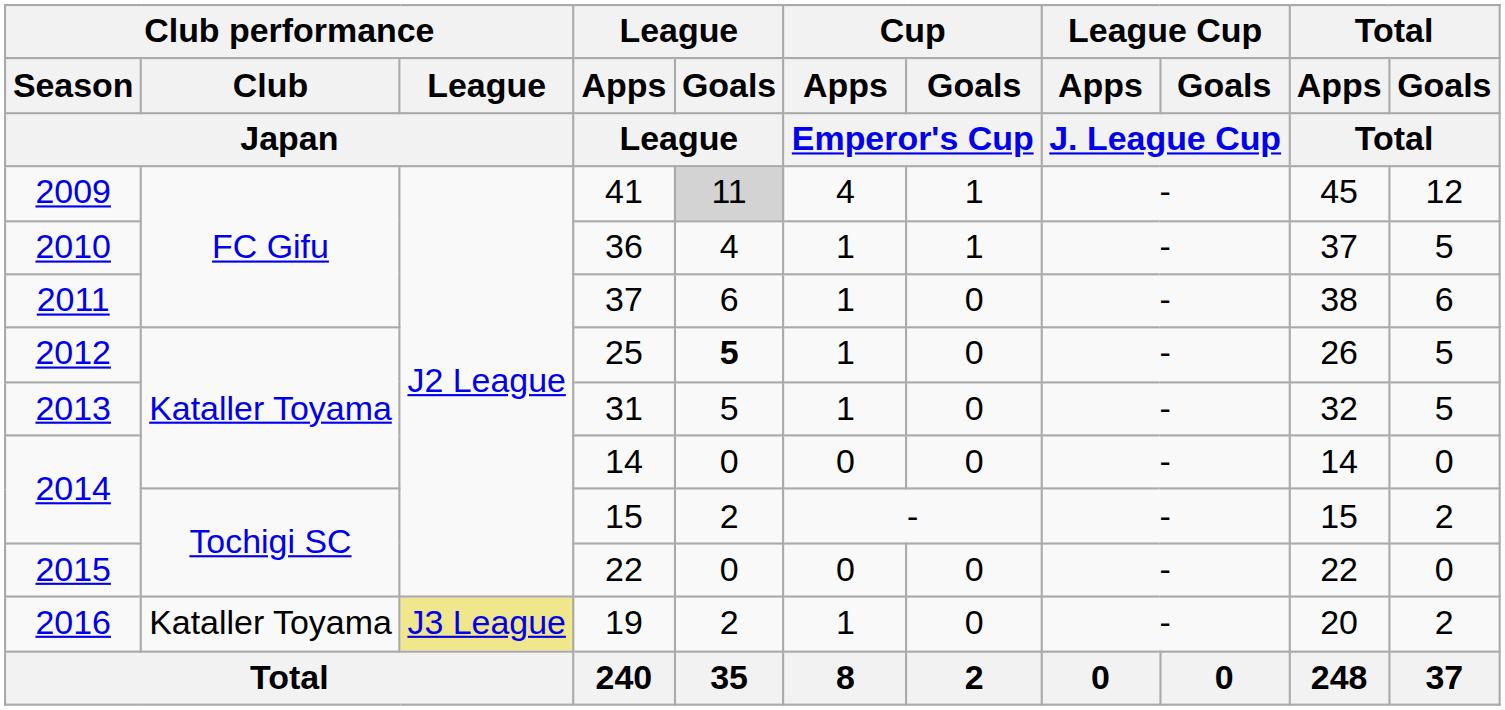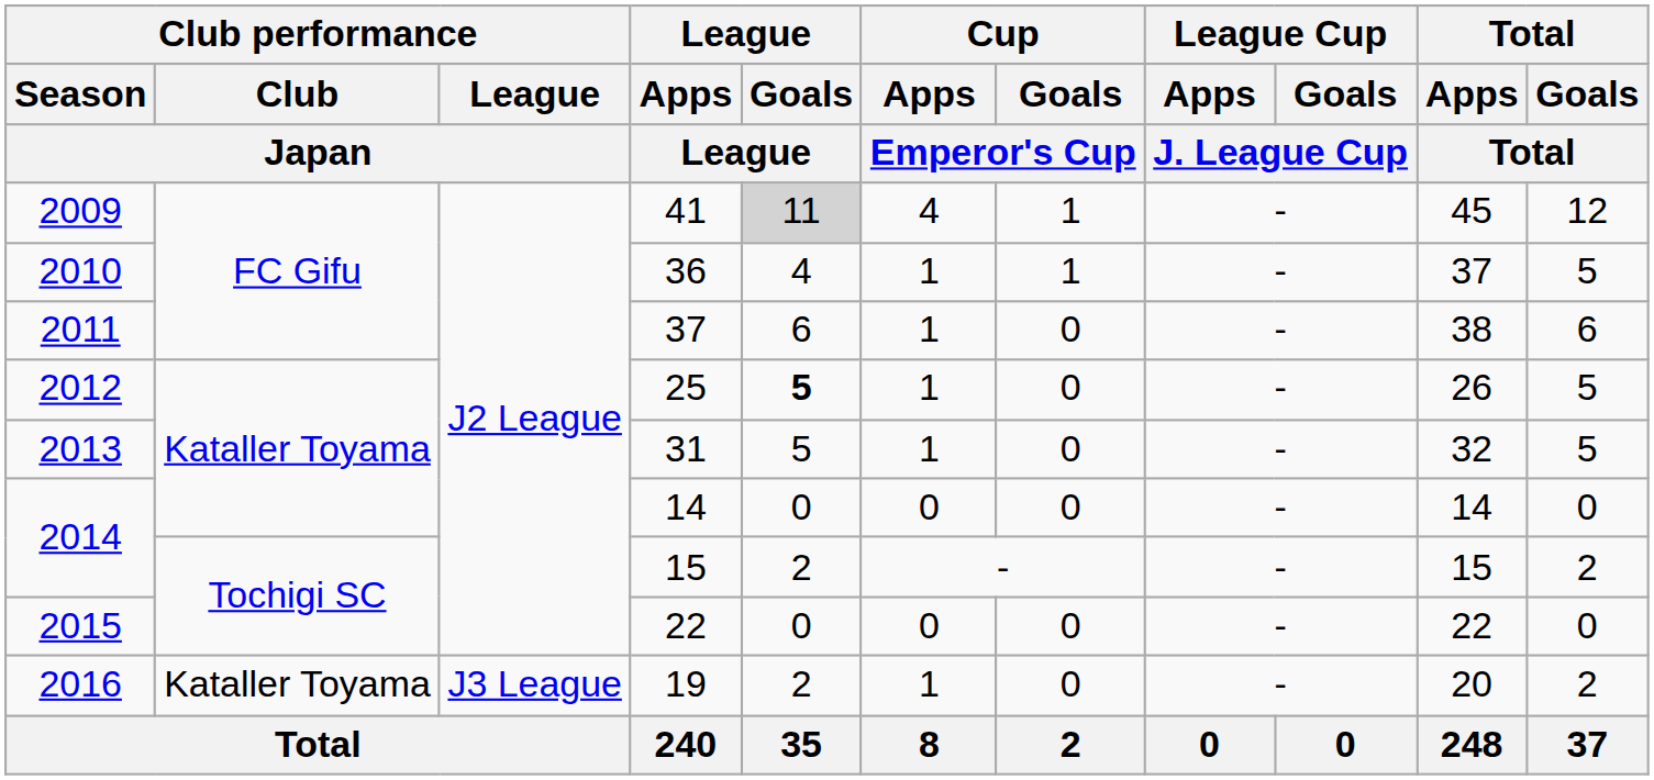 <table class="wikitable" style="text-align:center;">
 <tr>
 <th colspan=3>Club performance</th>
 <th colspan=2>League</th>
 <th colspan=2>Cup</th>
 <th colspan=2>League Cup</th>
 <th colspan=2>Total</th>
 </tr>
 <tr>
 <th>Season</th>
 <th>Club</th>
 <th>League</th>
 <th>Apps</th>
 <th>Goals</th>
 <th>Apps</th>
 <th>Goals</th>
 <th>Apps</th>
 <th>Goals</th>
 <th>Apps</th>
 <th>Goals</th>
 </tr>
 <tr>
 <th colspan=3>Japan</th>
 <th colspan=2>League</th>
 <th colspan=2><a href='#'>Emperor's Cup</a></th>
 <th colspan=2><a href='#'>J. League Cup</a></th>
 <th colspan=2>Total</th>
 </tr>
 <tr>
 <td><a href='#'>2009</a></td>
 <td rowspan="3"><a href='#'>FC Gifu</a></td>
 <td rowspan="8"><a href='#'>J2 League</a></td>
 <td>41</td>
 <td style="background: lightgrey;">11</td>
 <td>4</td>
 <td>1</td>
 <td colspan="2">-</td>
 <td>45</td>
 <td>12</td>
 </tr>
 <tr>
 <td><a href='#'>2010</a></td>
 <td>36</td>
 <td>4</td>
 <td>1</td>
 <td>1</td>
 <td colspan="2">-</td>
 <td>37</td>
 <td>5</td>
 </tr>
 <tr>
 <td><a href='#'>2011</a></td>
 <td>37</td>
 <td>6</td>
 <td>1</td>
 <td>0</td>
 <td colspan="2">-</td>
 <td>38</td>
 <td>6</td>
 </tr>
 <tr>
 <td><a href='#'>2012</a></td>
 <td rowspan="3"><a href='#'>Kataller Toyama</a></td>
 <td>25</td>
 <td><strong>5</strong></td>
 <td>1</td>
 <td>0</td>
 <td colspan="2">-</td>
 <td>26</td>
 <td>5</td>
 </tr>
 <tr>
 <td><a href='#'>2013</a></td>
 <td>31</td>
 <td>5</td>
 <td>1</td>
 <td>0</td>
 <td colspan="2">-</td>
 <td>32</td>
 <td>5</td>
 </tr>
 <tr>
 <td rowspan="2"><a href='#'>2014</a></td>
 <td>14</td>
 <td>0</td>
 <td>0</td>
 <td>0</td>
 <td colspan="2">-</td>
 <td>14</td>
 <td>0</td>
 </tr>
 <tr>
 <td rowspan="2"><a href='#'>Tochigi SC</a></td>
 <td>15</td>
 <td>2</td>
 <td colspan="2">-</td>
 <td colspan="2">-</td>
 <td>15</td>
 <td>2</td>
 </tr>
 <tr>
 <td><a href='#'>2015</a></td>
 <td>22</td>
 <td>0</td>
 <td>0</td>
 <td>0</td>
 <td colspan="2">-</td>
 <td>22</td>
 <td>0</td>
 </tr>
 <tr>
 <td><a href='#'>2016</a></td>
 <td>Kataller Toyama</td>
-<td style="background: khaki;"><a href='#'>J3 League</a></td>
+<td><a href='#'>J3 League</a></td>
 <td>19</td>
 <td>2</td>
 <td>1</td>
 <td>0</td>
 <td colspan="2">-</td>
 <td>20</td>
 <td>2</td>
 </tr>
 <tr>
 <th colspan=3>Total</th>
 <th>240</th>
 <th>35</th>
 <th>8</th>
 <th>2</th>
 <th>0</th>
 <th>0</th>
 <th>248</th>
 <th>37</th>
 </tr>
 </table>
